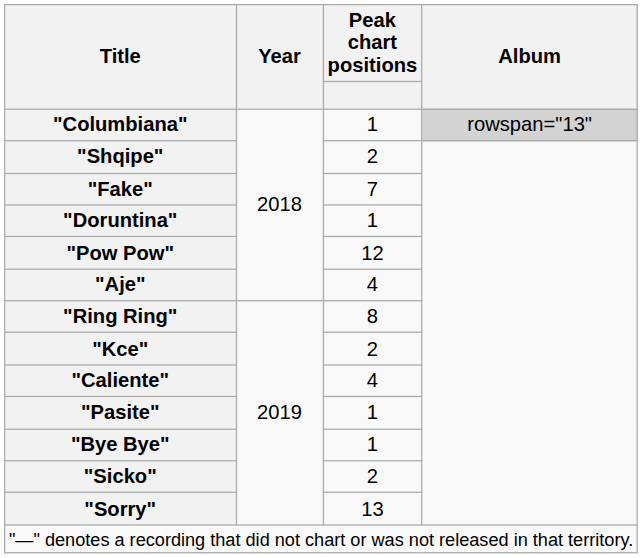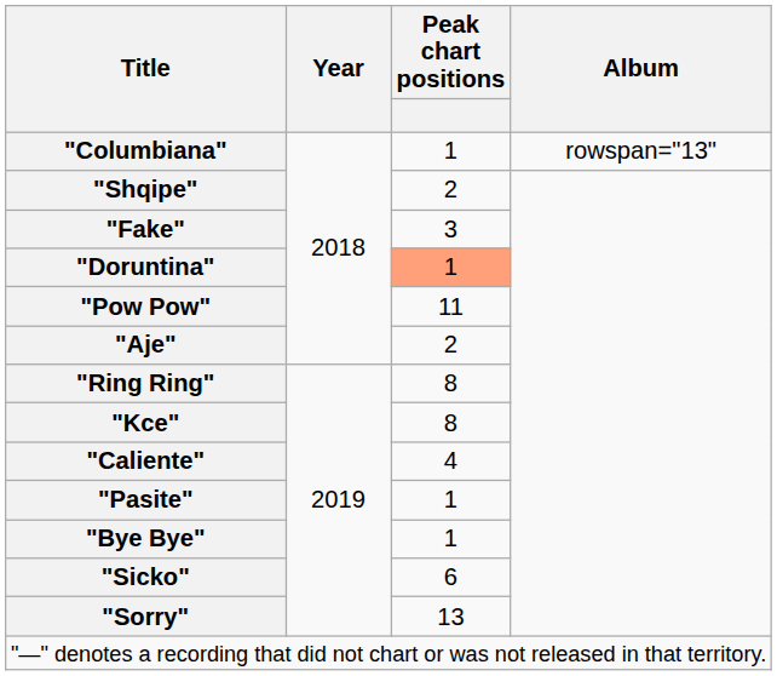 <table class="wikitable plainrowheaders" style="text-align:center;">
 <tr>
 <th scope="col" rowspan="2">Title</th>
 <th scope="col" rowspan="2">Year</th>
 <th scope="col" colspan="1">Peak chart positions</th>
 <th scope="col" rowspan="2">Album</th>
 </tr>
 <tr>
 <th style="width:3em; font-size:85%;"><a href='#'></a><br></th>
 </tr>
 <tr>
 <th scope="row">"Columbiana"<br></th>
 <td rowspan="6">2018</td>
 <td>1</td>
-<td style="background: lightgrey;">rowspan="13" </td>
+<td>rowspan="13" </td>
 </tr>
 <tr>
 <th scope="row">"Shqipe"</th>
 <td>2</td>
 </tr>
 <tr>
 <th scope="row">"Fake"</th>
-<td>7</td>
+<td>3</td>
 </tr>
 <tr>
 <th scope="row">"Doruntina"</th>
-<td>1</td>
+<td style="background: lightsalmon;">1</td>
 </tr>
 <tr>
 <th scope="row">"Pow Pow"</th>
-<td>12</td>
+<td>11</td>
 </tr>
 <tr>
 <th scope="row">"Aje"<br></th>
-<td>4</td>
+<td>2</td>
 </tr>
 <tr>
 <th scope="row">"Ring Ring"</th>
 <td rowspan="7">2019</td>
 <td>8</td>
 </tr>
 <tr>
 <th scope="row">"Kce"</th>
-<td>2</td>
+<td>8</td>
 </tr>
 <tr>
 <th scope="row">"Caliente"<br></th>
 <td>4</td>
 </tr>
 <tr>
 <th scope="row">"Pasite"<br></th>
 <td>1</td>
 </tr>
 <tr>
 <th scope="row">"Bye Bye"<br></th>
 <td>1</td>
 </tr>
 <tr>
 <th scope="row">"Sicko"</th>
-<td>2</td>
+<td>6</td>
 </tr>
 <tr>
 <th scope="row">"Sorry"</th>
 <td>13</td>
 </tr>
 <tr>
 <td colspan="6" style="font-size:90%">"—" denotes a recording that did not chart or was not released in that territory.</td>
 </tr>
 </table>
